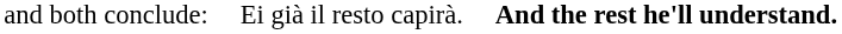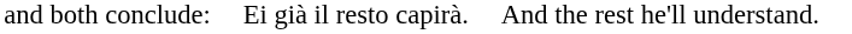 <table>
 <tr>
 <td valign=top></td>
 <td style="padding-left:1em;"></td>
 <td style="padding-left:1em;"></td>
 </tr>
 <tr>
 <td align=right>and both conclude:</td>
 <td style="padding-left:1em;">Ei già il resto capirà.</td>
-<td style="padding-left:1em;"><strong>And the rest he'll understand.</strong></td>
+<td style="padding-left:1em;">And the rest he'll understand.</td>
 </tr>
 </table>
